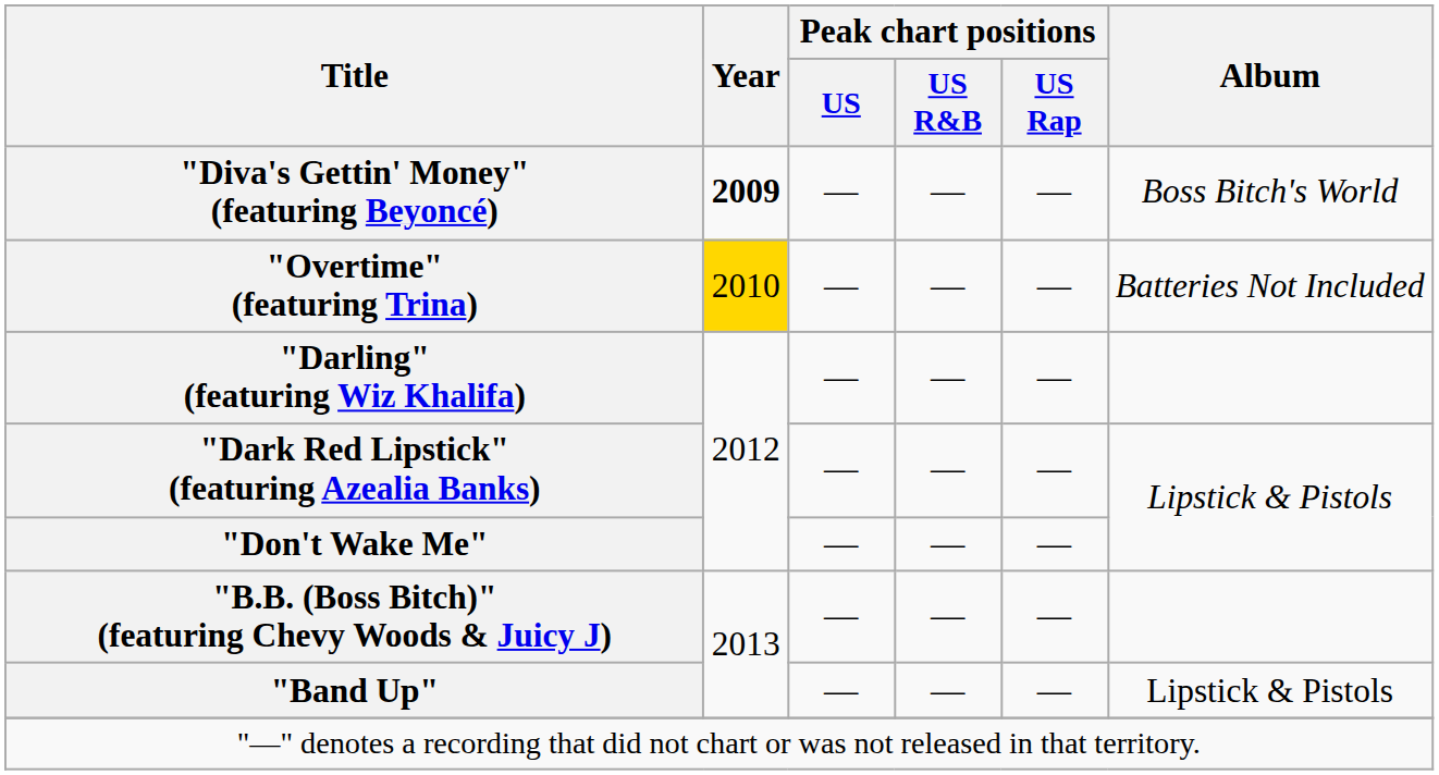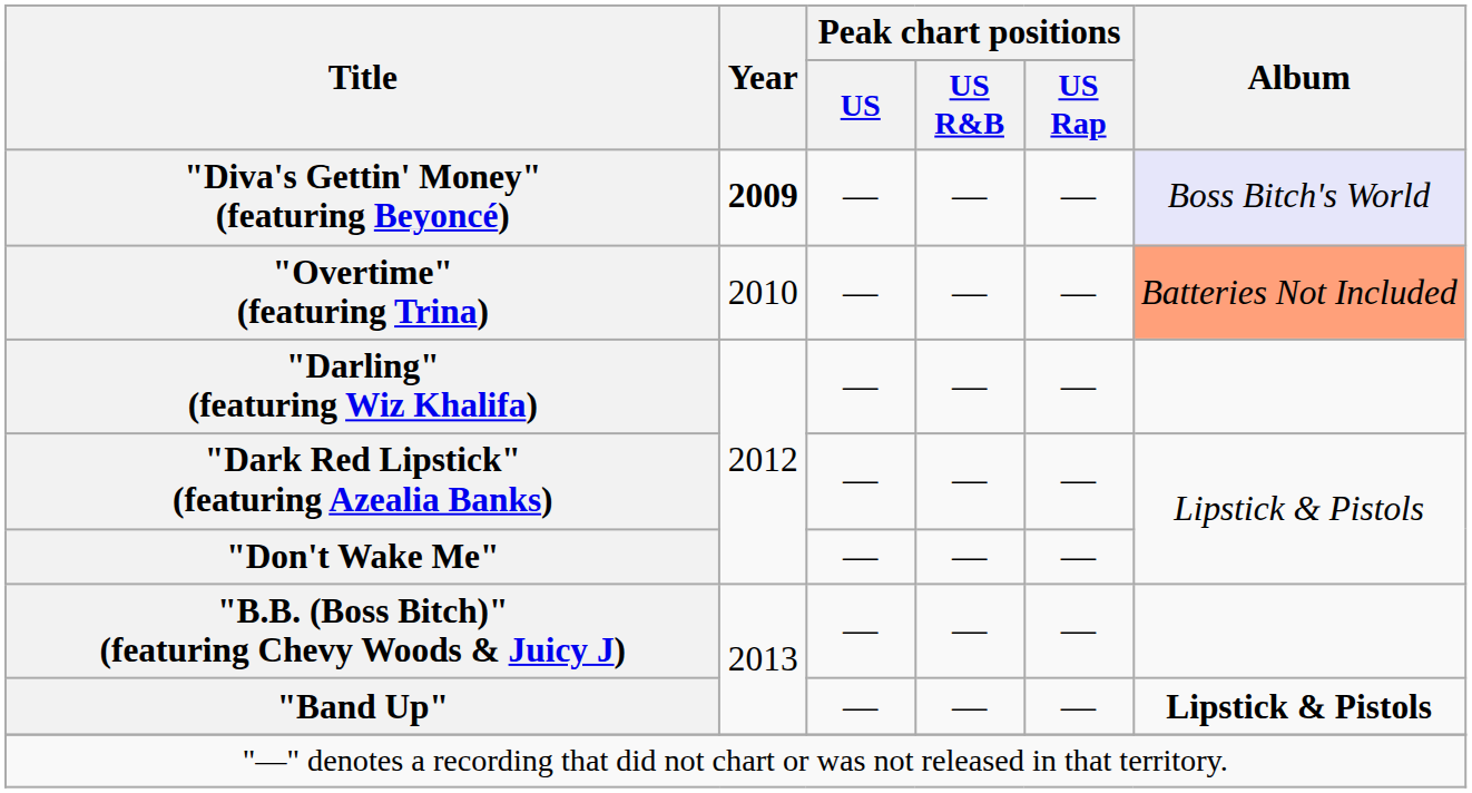 <table class="wikitable plainrowheaders" style="text-align:center;">
 <tr>
 <th scope="col" rowspan="2" style="width:20em;">Title</th>
 <th scope="col" rowspan="2">Year</th>
 <th scope="col" colspan="3">Peak chart positions</th>
 <th scope="col" rowspan="2">Album</th>
 </tr>
 <tr>
 <th style="width:3em;font-size:90%;"><a href='#'>US</a></th>
 <th style="width:3em;font-size:90%;"><a href='#'>US<br>R&B</a></th>
 <th style="width:3em;font-size:90%;"><a href='#'>US<br>Rap</a></th>
 </tr>
 <tr>
 <th scope="row">"Diva's Gettin' Money"<br><span>(featuring <a href='#'>Beyoncé</a>)</span></th>
 <td><strong>2009</strong></td>
 <td>—</td>
 <td>—</td>
 <td>—</td>
-<td><em>Boss Bitch's World</em></td>
+<td style="background: lavender;"><em>Boss Bitch's World</em></td>
 </tr>
 <tr>
 <th scope="row">"Overtime"<br><span>(featuring <a href='#'>Trina</a>)</span></th>
-<td style="background: gold;">2010</td>
+<td>2010</td>
 <td>—</td>
 <td>—</td>
 <td>—</td>
-<td><em>Batteries Not Included</em></td>
+<td style="background: lightsalmon;"><em>Batteries Not Included</em></td>
 </tr>
 <tr>
 <th scope="row">"Darling"<br><span>(featuring <a href='#'>Wiz Khalifa</a>)</span></th>
 <td rowspan="3">2012</td>
 <td>—</td>
 <td>—</td>
 <td>—</td>
 <td></td>
 </tr>
 <tr>
 <th scope="row">"Dark Red Lipstick"<br><span>(featuring <a href='#'>Azealia Banks</a>)</span></th>
 <td>—</td>
 <td>—</td>
 <td>—</td>
 <td rowspan="2"><em>Lipstick & Pistols</em></td>
 </tr>
 <tr>
 <th scope="row">"Don't Wake Me"</th>
 <td>—</td>
 <td>—</td>
 <td>—</td>
 </tr>
 <tr>
 <th scope="row">"B.B. (Boss Bitch)"<br><span>(featuring Chevy Woods & <a href='#'>Juicy J</a>)</span></th>
 <td rowspan="2">2013</td>
 <td>—</td>
 <td>—</td>
 <td>—</td>
 <td></td>
 </tr>
 <tr>
 <th scope="row">"Band Up"</th>
 <td>—</td>
 <td>—</td>
 <td>—</td>
-<td>Lipstick & Pistols</td>
+<td><strong>Lipstick & Pistols</strong></td>
 </tr>
 <tr>
 </tr>
 <tr>
 <td colspan="14" style="font-size:90%">"—" denotes a recording that did not chart or was not released in that territory.</td>
 </tr>
 </table>
